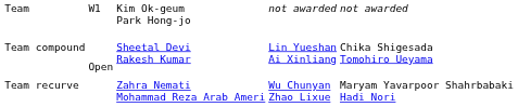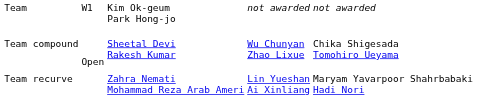 <table>
 <tr>
 <td>Team</td>
 <td>W1</td>
 <td><br>Kim Ok-geum<br>Park Hong-jo</td>
 <td><em>not awarded</em></td>
 <td><em>not awarded</em></td>
 </tr>
 <tr>
 <td nowrap>Team compound</td>
 <td rowspan=2>Open</td>
 <td><br><a href='#'>Sheetal Devi</a><br><a href='#'>Rakesh Kumar</a></td>
-<td><br><a href='#'>Lin Yueshan</a><br><a href='#'>Ai Xinliang</a></td>
+<td nowrap><br><a href='#'>Wu Chunyan</a><br><a href='#'>Zhao Lixue</a></td>
 <td><br>Chika Shigesada<br><a href='#'>Tomohiro Ueyama</a></td>
 </tr>
 <tr>
 <td>Team recurve</td>
 <td nowrap><br><a href='#'>Zahra Nemati</a><br><a href='#'>Mohammad Reza Arab Ameri</a></td>
-<td nowrap><br><a href='#'>Wu Chunyan</a><br><a href='#'>Zhao Lixue</a></td>
+<td><br><a href='#'>Lin Yueshan</a><br><a href='#'>Ai Xinliang</a></td>
 <td nowrap><br>Maryam Yavarpoor Shahrbabaki<br><a href='#'>Hadi Nori</a></td>
 </tr>
 </table>
